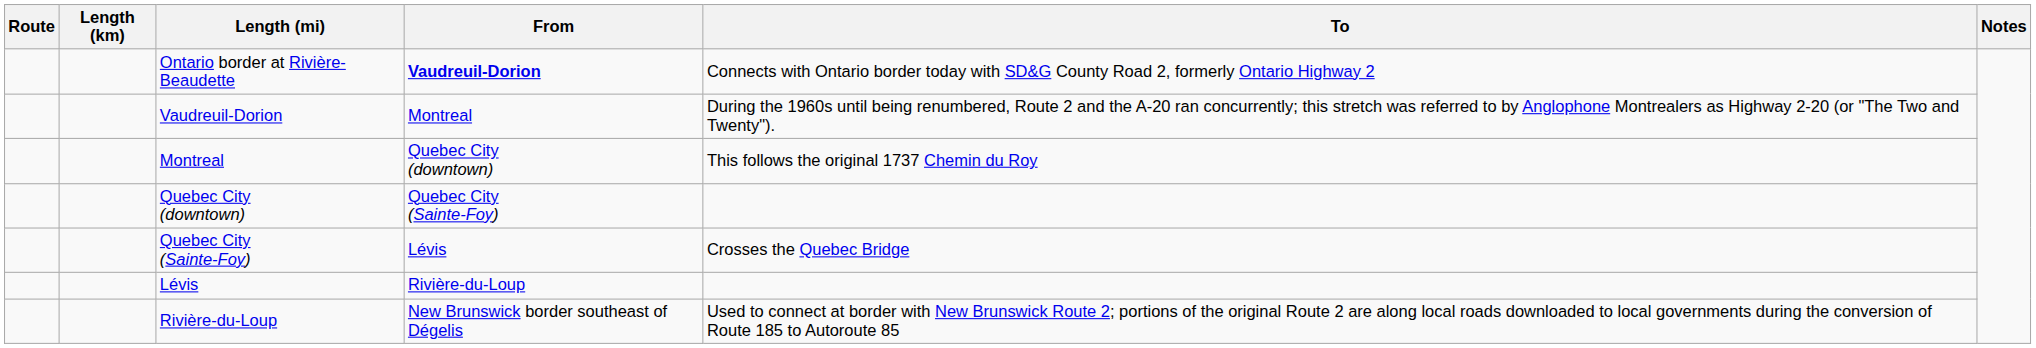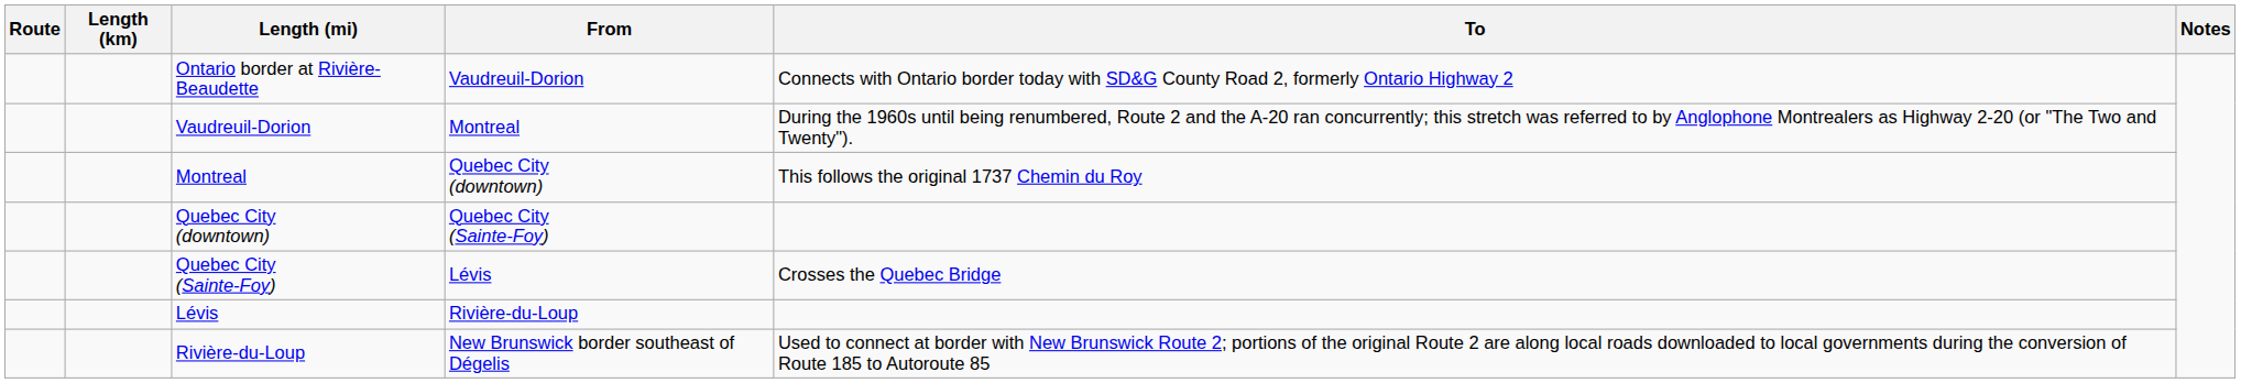 <table class=wikitable>
 <tr>
 <th>Route</th>
 <th>Length (km)</th>
 <th>Length (mi)</th>
 <th>From</th>
 <th>To</th>
 <th>Notes</th>
 </tr>
 <tr>
 <td></td>
 <td></td>
 <td><a href='#'>Ontario</a> border at <a href='#'>Rivière-Beaudette</a></td>
-<td><strong><a href='#'>Vaudreuil-Dorion</a></strong></td>
+<td><a href='#'>Vaudreuil-Dorion</a></td>
 <td>Connects with Ontario border today with <a href='#'>SD&G</a> County Road 2, formerly <a href='#'>Ontario Highway 2</a></td>
 </tr>
 <tr>
 <td></td>
 <td></td>
 <td><a href='#'>Vaudreuil-Dorion</a></td>
 <td><a href='#'>Montreal</a></td>
 <td>During the 1960s until being renumbered, Route 2 and the A-20 ran concurrently; this stretch was referred to by <a href='#'>Anglophone</a> Montrealers as Highway 2-20 (or "The Two and Twenty").</td>
 </tr>
 <tr>
 <td></td>
 <td></td>
 <td><a href='#'>Montreal</a></td>
 <td><a href='#'>Quebec City</a><br><em>(downtown)</em></td>
 <td>This follows the original 1737 <a href='#'>Chemin du Roy</a></td>
 </tr>
 <tr>
 <td></td>
 <td></td>
 <td><a href='#'>Quebec City</a><br><em>(downtown)</em></td>
 <td><a href='#'>Quebec City</a><br><em>(<a href='#'>Sainte-Foy</a>)</em></td>
 <td></td>
 </tr>
 <tr>
 <td></td>
 <td></td>
 <td><a href='#'>Quebec City</a><br><em>(<a href='#'>Sainte-Foy</a>)</em></td>
 <td><a href='#'>Lévis</a></td>
 <td>Crosses the <a href='#'>Quebec Bridge</a></td>
 </tr>
 <tr>
 <td></td>
 <td></td>
 <td><a href='#'>Lévis</a></td>
 <td><a href='#'>Rivière-du-Loup</a></td>
 <td></td>
 </tr>
 <tr>
 <td></td>
 <td></td>
 <td><a href='#'>Rivière-du-Loup</a></td>
 <td><a href='#'>New Brunswick</a> border southeast of <a href='#'>Dégelis</a></td>
 <td>Used to connect at border with <a href='#'>New Brunswick Route 2</a>; portions of the original Route 2 are along local roads downloaded to local governments during the conversion of Route 185 to Autoroute 85</td>
 </tr>
 </table>
